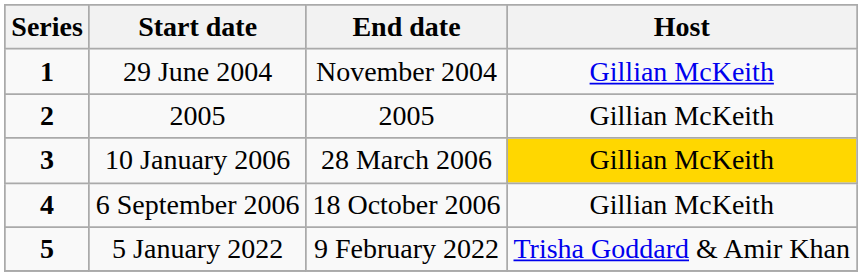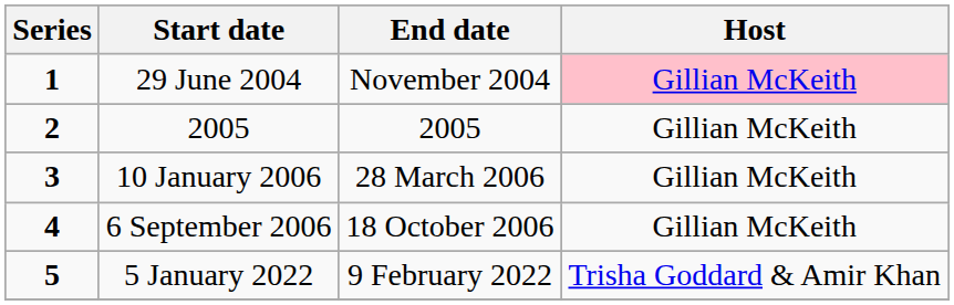 <table class="wikitable" style="text-align:center;">
 <tr>
 <th>Series</th>
 <th>Start date</th>
 <th>End date</th>
 <th>Host</th>
 </tr>
 <tr>
 <td><strong>1</strong></td>
 <td>29 June 2004</td>
 <td>November 2004</td>
-<td><a href='#'>Gillian McKeith</a></td>
+<td style="background: pink;"><a href='#'>Gillian McKeith</a></td>
 </tr>
 <tr>
 <td><strong>2</strong></td>
 <td>2005</td>
 <td>2005</td>
 <td>Gillian McKeith</td>
 </tr>
 <tr>
 <td><strong>3</strong></td>
 <td>10 January 2006</td>
 <td>28 March 2006</td>
-<td style="background: gold;">Gillian McKeith</td>
+<td>Gillian McKeith</td>
 </tr>
 <tr>
 <td><strong>4</strong></td>
 <td>6 September 2006</td>
 <td>18 October 2006 </td>
 <td>Gillian McKeith</td>
 </tr>
 <tr>
 <td><strong>5</strong></td>
 <td>5 January 2022</td>
 <td>9 February 2022</td>
 <td><a href='#'>Trisha Goddard</a> & Amir Khan</td>
 </tr>
 <tr>
 </tr>
 </table>
